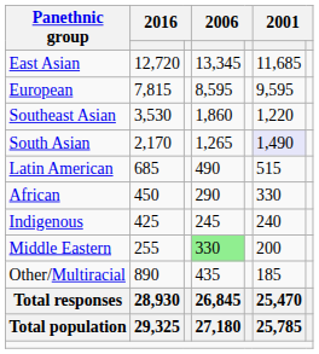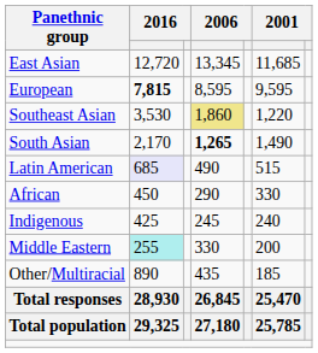 <table class="wikitable sortable">
 <tr>
 <th rowspan="2"><a href='#'>Panethnic</a><br>group</th>
 <th colspan="2">2016</th>
 <th colspan="2">2006</th>
 <th colspan="2">2001</th>
 </tr>
 <tr>
 <th><a href='#'></a></th>
 <th></th>
 <th></th>
 <th></th>
 <th></th>
 <th></th>
 </tr>
 <tr>
 <td><a href='#'>East Asian</a></td>
 <td>12,720</td>
 <td></td>
 <td>13,345</td>
 <td></td>
 <td>11,685</td>
 <td></td>
 </tr>
 <tr>
 <td><a href='#'>European</a></td>
-<td>7,815</td>
+<td><strong>7,815</strong></td>
 <td></td>
 <td>8,595</td>
 <td></td>
 <td>9,595</td>
 <td></td>
 </tr>
 <tr>
 <td><a href='#'>Southeast Asian</a></td>
 <td>3,530</td>
 <td></td>
-<td>1,860</td>
+<td style="background: khaki;">1,860</td>
 <td></td>
 <td>1,220</td>
 <td></td>
 </tr>
 <tr>
 <td><a href='#'>South Asian</a></td>
 <td>2,170</td>
 <td></td>
-<td>1,265</td>
+<td><strong>1,265</strong></td>
 <td></td>
-<td style="background: lavender;">1,490</td>
+<td>1,490</td>
 <td></td>
 </tr>
 <tr>
 <td><a href='#'>Latin American</a></td>
-<td>685</td>
+<td style="background: lavender;">685</td>
 <td></td>
 <td>490</td>
 <td></td>
 <td>515</td>
 <td></td>
 </tr>
 <tr>
 <td><a href='#'>African</a></td>
 <td>450</td>
 <td></td>
 <td>290</td>
 <td></td>
 <td>330</td>
 <td></td>
 </tr>
 <tr>
 <td><a href='#'>Indigenous</a></td>
 <td>425</td>
 <td></td>
 <td>245</td>
 <td></td>
 <td>240</td>
 <td></td>
 </tr>
 <tr>
 <td><a href='#'>Middle Eastern</a></td>
-<td>255</td>
+<td style="background: paleturquoise;">255</td>
 <td></td>
-<td style="background: lightgreen;">330</td>
+<td>330</td>
 <td></td>
 <td>200</td>
 <td></td>
 </tr>
 <tr>
 <td>Other/<a href='#'>Multiracial</a></td>
 <td>890</td>
 <td></td>
 <td>435</td>
 <td></td>
 <td>185</td>
 <td></td>
 </tr>
 <tr>
 <th>Total responses</th>
 <th>28,930</th>
 <th></th>
 <th>26,845</th>
 <th></th>
 <th>25,470</th>
 <th></th>
 </tr>
 <tr>
 <th>Total population</th>
 <th>29,325</th>
 <th></th>
 <th>27,180</th>
 <th></th>
 <th>25,785</th>
 <th></th>
 </tr>
 <tr class="sortbottom">
 <td colspan="10"></td>
 </tr>
 </table>
